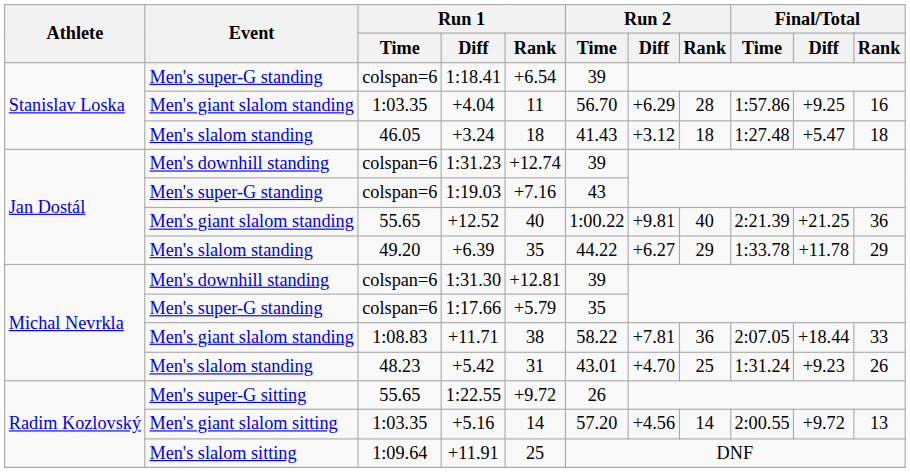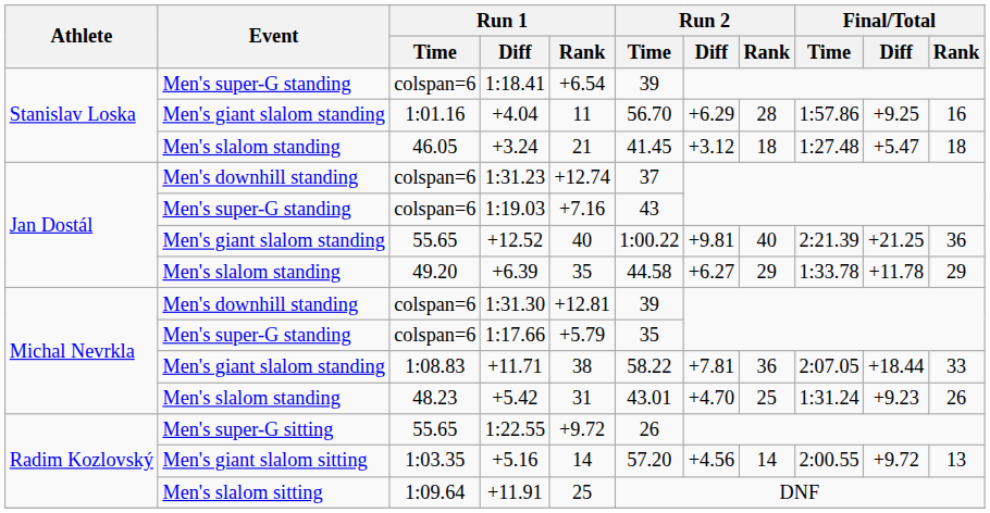 <table class="wikitable" style="font-size:100%">
 <tr>
 <th rowspan="2">Athlete</th>
 <th rowspan="2">Event</th>
 <th colspan="3">Run 1</th>
 <th colspan="3">Run 2</th>
 <th colspan="3">Final/Total</th>
 </tr>
 <tr>
 <th>Time</th>
 <th>Diff</th>
 <th>Rank</th>
 <th>Time</th>
 <th>Diff</th>
 <th>Rank</th>
 <th>Time</th>
 <th>Diff</th>
 <th>Rank</th>
 </tr>
 <tr>
 <td rowspan=3><a href='#'>Stanislav Loska</a></td>
 <td><a href='#'>Men's super-G standing</a></td>
 <td>colspan=6 </td>
 <td align="center">1:18.41</td>
 <td align="center">+6.54</td>
 <td align="center">39</td>
 </tr>
 <tr>
 <td><a href='#'>Men's giant slalom standing</a></td>
-<td align="center">1:03.35</td>
+<td align="center">1:01.16</td>
 <td align="center">+4.04</td>
 <td align="center">11</td>
 <td align="center">56.70</td>
 <td align="center">+6.29</td>
 <td align="center">28</td>
 <td align="center">1:57.86</td>
 <td align="center">+9.25</td>
 <td align="center">16</td>
 </tr>
 <tr>
 <td><a href='#'>Men's slalom standing</a></td>
 <td align="center">46.05</td>
 <td align="center">+3.24</td>
-<td align="center">18</td>
-<td align="center">41.43</td>
+<td align="center">21</td>
+<td align="center">41.45</td>
 <td align="center">+3.12</td>
 <td align="center">18</td>
 <td align="center">1:27.48</td>
 <td align="center">+5.47</td>
 <td align="center">18</td>
 </tr>
 <tr>
 <td rowspan=4><a href='#'>Jan Dostál</a></td>
 <td><a href='#'>Men's downhill standing</a></td>
 <td>colspan=6 </td>
 <td align="center">1:31.23</td>
 <td align="center">+12.74</td>
-<td align="center">39</td>
+<td align="center">37</td>
 </tr>
 <tr>
 <td><a href='#'>Men's super-G standing</a></td>
 <td>colspan=6 </td>
 <td align="center">1:19.03</td>
 <td align="center">+7.16</td>
 <td align="center">43</td>
 </tr>
 <tr>
 <td><a href='#'>Men's giant slalom standing</a></td>
 <td align="center">55.65</td>
 <td align="center">+12.52</td>
 <td align="center">40</td>
 <td align="center">1:00.22</td>
 <td align="center">+9.81</td>
 <td align="center">40</td>
 <td align="center">2:21.39</td>
 <td align="center">+21.25</td>
 <td align="center">36</td>
 </tr>
 <tr>
 <td><a href='#'>Men's slalom standing</a></td>
 <td align="center">49.20</td>
 <td align="center">+6.39</td>
 <td align="center">35</td>
-<td align="center">44.22</td>
+<td align="center">44.58</td>
 <td align="center">+6.27</td>
 <td align="center">29</td>
 <td align="center">1:33.78</td>
 <td align="center">+11.78</td>
 <td align="center">29</td>
 </tr>
 <tr>
 <td rowspan=4><a href='#'>Michal Nevrkla</a></td>
 <td><a href='#'>Men's downhill standing</a></td>
 <td>colspan=6 </td>
 <td align="center">1:31.30</td>
 <td align="center">+12.81</td>
 <td align="center">39</td>
 </tr>
 <tr>
 <td><a href='#'>Men's super-G standing</a></td>
 <td>colspan=6 </td>
 <td align="center">1:17.66</td>
 <td align="center">+5.79</td>
 <td align="center">35</td>
 </tr>
 <tr>
 <td><a href='#'>Men's giant slalom standing</a></td>
 <td align="center">1:08.83</td>
 <td align="center">+11.71</td>
 <td align="center">38</td>
 <td align="center">58.22</td>
 <td align="center">+7.81</td>
 <td align="center">36</td>
 <td align="center">2:07.05</td>
 <td align="center">+18.44</td>
 <td align="center">33</td>
 </tr>
 <tr>
 <td><a href='#'>Men's slalom standing</a></td>
 <td align="center">48.23</td>
 <td align="center">+5.42</td>
 <td align="center">31</td>
 <td align="center">43.01</td>
 <td align="center">+4.70</td>
 <td align="center">25</td>
 <td align="center">1:31.24</td>
 <td align="center">+9.23</td>
 <td align="center">26</td>
 </tr>
 <tr>
 <td rowspan=3><a href='#'>Radim Kozlovský</a></td>
 <td><a href='#'>Men's super-G sitting</a></td>
 <td align="center">55.65</td>
 <td align="center">1:22.55</td>
 <td align="center">+9.72</td>
 <td align="center">26</td>
 </tr>
 <tr>
 <td><a href='#'>Men's giant slalom sitting</a></td>
 <td align="center">1:03.35</td>
 <td align="center">+5.16</td>
 <td align="center">14</td>
 <td align="center">57.20</td>
 <td align="center">+4.56</td>
 <td align="center">14</td>
 <td align="center">2:00.55</td>
 <td align="center">+9.72</td>
 <td align="center">13</td>
 </tr>
 <tr>
 <td><a href='#'>Men's slalom sitting</a></td>
 <td align="center">1:09.64</td>
 <td align="center">+11.91</td>
 <td align="center">25</td>
 <td align="center" colspan=6>DNF</td>
 </tr>
 <tr>
 </tr>
 </table>
